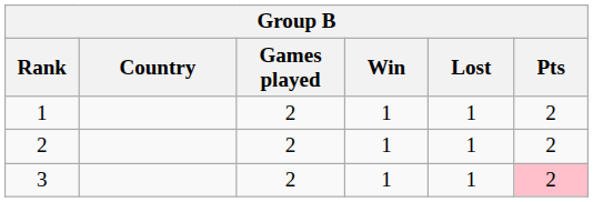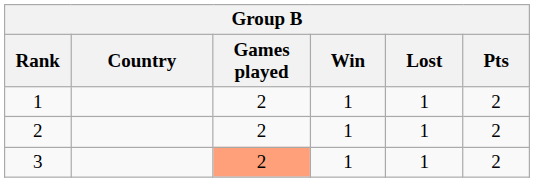 <table class="wikitable" style= "text-align: center; Width:50%">
 <tr>
 <th colspan= 6>Group B</th>
 </tr>
 <tr>
 <th width=2%>Rank</th>
 <th width=10%>Country</th>
 <th width=5%>Games <br> played</th>
 <th width=5%>Win</th>
 <th width=5%>Lost</th>
 <th width=5%>Pts</th>
 </tr>
 <tr>
 <td>1</td>
 <td style= "text-align: left"></td>
 <td>2</td>
 <td>1</td>
 <td>1</td>
 <td>2</td>
 </tr>
 <tr>
 <td>2</td>
 <td style= "text-align: left"></td>
 <td>2</td>
 <td>1</td>
 <td>1</td>
 <td>2</td>
 </tr>
 <tr>
 <td>3</td>
 <td style= "text-align: left"></td>
-<td>2</td>
+<td style="background: lightsalmon;">2</td>
 <td>1</td>
 <td>1</td>
-<td style="background: pink;">2</td>
+<td>2</td>
 </tr>
 </table>
